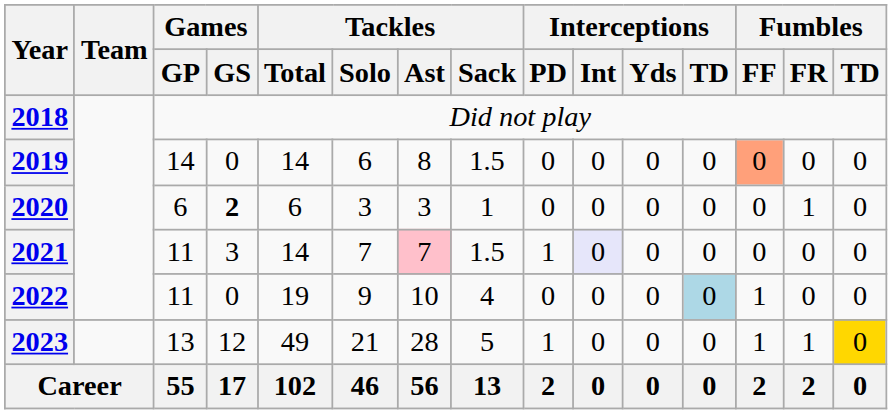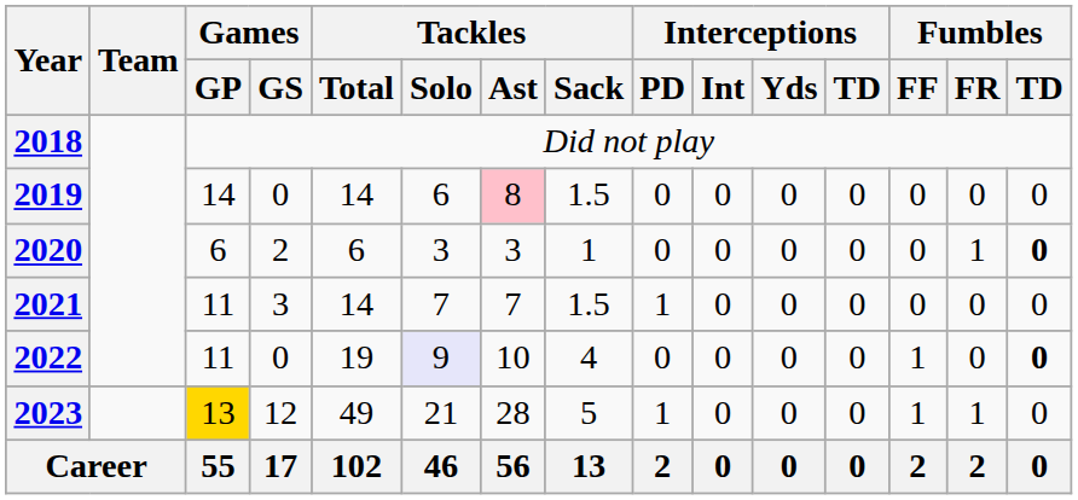 <table class="wikitable" style="text-align:center;">
 <tr>
 <th rowspan="2">Year</th>
 <th rowspan="2">Team</th>
 <th colspan="2">Games</th>
 <th colspan="4">Tackles</th>
 <th colspan="4">Interceptions</th>
 <th colspan="3">Fumbles</th>
 </tr>
 <tr>
 <th>GP</th>
 <th>GS</th>
 <th>Total</th>
 <th>Solo</th>
 <th>Ast</th>
 <th>Sack</th>
 <th>PD</th>
 <th>Int</th>
 <th>Yds</th>
 <th>TD</th>
 <th>FF</th>
 <th>FR</th>
 <th>TD</th>
 </tr>
 <tr>
 <th><a href='#'>2018</a></th>
 <td rowspan="5" style=></td>
 <td colspan="13"><em>Did not play</em></td>
 </tr>
 <tr>
 <th><a href='#'>2019</a></th>
 <td>14</td>
 <td>0</td>
 <td>14</td>
 <td>6</td>
-<td>8</td>
+<td style="background: pink;">8</td>
 <td>1.5</td>
 <td>0</td>
 <td>0</td>
 <td>0</td>
 <td>0</td>
-<td style="background: lightsalmon;">0</td>
+<td>0</td>
 <td>0</td>
 <td>0</td>
 </tr>
 <tr>
 <th><a href='#'>2020</a></th>
 <td>6</td>
-<td><strong>2</strong></td>
+<td>2</td>
 <td>6</td>
 <td>3</td>
 <td>3</td>
 <td>1</td>
 <td>0</td>
 <td>0</td>
 <td>0</td>
 <td>0</td>
 <td>0</td>
 <td>1</td>
-<td>0</td>
+<td><strong>0</strong></td>
 </tr>
 <tr>
 <th><a href='#'>2021</a></th>
 <td>11</td>
 <td>3</td>
 <td>14</td>
 <td>7</td>
-<td style="background: pink;">7</td>
+<td>7</td>
 <td>1.5</td>
 <td>1</td>
-<td style="background: lavender;">0</td>
+<td>0</td>
 <td>0</td>
 <td>0</td>
 <td>0</td>
 <td>0</td>
 <td>0</td>
 </tr>
 <tr>
 <th><a href='#'>2022</a></th>
 <td>11</td>
 <td>0</td>
 <td>19</td>
-<td>9</td>
+<td style="background: lavender;">9</td>
 <td>10</td>
 <td>4</td>
 <td>0</td>
 <td>0</td>
 <td>0</td>
-<td style="background: lightblue;">0</td>
+<td>0</td>
 <td>1</td>
 <td>0</td>
-<td>0</td>
+<td><strong>0</strong></td>
 </tr>
 <tr>
 <th><a href='#'>2023</a></th>
 <td style=></td>
-<td>13</td>
+<td style="background: gold;">13</td>
 <td>12</td>
 <td>49</td>
 <td>21</td>
 <td>28</td>
 <td>5</td>
 <td>1</td>
 <td>0</td>
 <td>0</td>
 <td>0</td>
 <td>1</td>
 <td>1</td>
-<td style="background: gold;">0</td>
+<td>0</td>
 </tr>
 <tr>
 <th colspan="2">Career</th>
 <th>55</th>
 <th>17</th>
 <th>102</th>
 <th>46</th>
 <th>56</th>
 <th>13</th>
 <th>2</th>
 <th>0</th>
 <th>0</th>
 <th>0</th>
 <th>2</th>
 <th>2</th>
 <th>0</th>
 </tr>
 </table>
